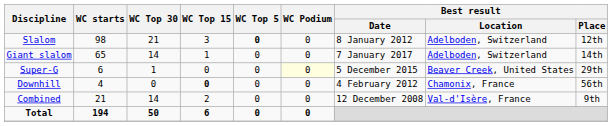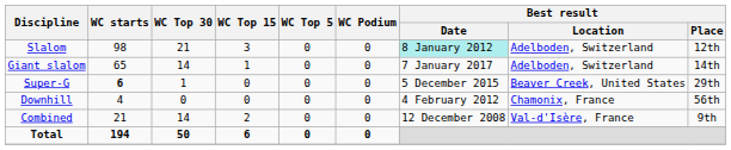 <table class="wikitable" style="text-align:center; font-size:95%;">
 <tr>
 <th rowspan=2>Discipline</th>
 <th rowspan=2>WC starts</th>
 <th rowspan=2>WC Top 30</th>
 <th rowspan=2>WC Top 15</th>
 <th rowspan=2>WC Top 5</th>
 <th rowspan=2>WC Podium</th>
 <th colspan=3>Best result</th>
 </tr>
 <tr>
 <th>Date</th>
 <th>Location</th>
 <th>Place</th>
 </tr>
 <tr>
 <td align=center><a href='#'>Slalom</a></td>
 <td align=center>98</td>
 <td align=center>21</td>
 <td align=center>3</td>
-<td align=center><strong>0</strong></td>
 <td align=center>0</td>
-<td align=left>8 January 2012</td>
+<td align=center>0</td>
+<td align=left style="background: paleturquoise;">8 January 2012</td>
 <td align=left> <a href='#'>Adelboden</a>, Switzerland</td>
 <td>12th</td>
 </tr>
 <tr>
 <td align=center><a href='#'>Giant slalom</a></td>
 <td align=center>65</td>
 <td align=center>14</td>
 <td align=center>1</td>
 <td align=center>0</td>
 <td align=center>0</td>
 <td align=left>7 January 2017</td>
 <td align=left> <a href='#'>Adelboden</a>, Switzerland</td>
 <td>14th</td>
 </tr>
 <tr>
 <td align=center><a href='#'>Super-G</a></td>
-<td align=center>6</td>
+<td align=center><strong>6</strong></td>
 <td align=center>1</td>
 <td align=center>0</td>
 <td align=center>0</td>
-<td align=center style="background: lightyellow;">0</td>
+<td align=center>0</td>
 <td align=left>5 December 2015</td>
 <td align=left> <a href='#'>Beaver Creek</a>, United States</td>
 <td>29th</td>
 </tr>
 <tr>
 <td align=center><a href='#'>Downhill</a></td>
 <td align=center>4</td>
 <td align=center>0</td>
-<td align=center><strong>0</strong></td>
+<td align=center>0</td>
 <td align=center>0</td>
 <td align=center>0</td>
 <td align=left>4 February 2012</td>
 <td align=left> <a href='#'>Chamonix</a>, France</td>
 <td>56th</td>
 </tr>
 <tr>
 <td align=center><a href='#'>Combined</a></td>
 <td align=center>21</td>
 <td align=center>14</td>
 <td align=center>2</td>
 <td align=center>0</td>
 <td align=center>0</td>
 <td align=left>12 December 2008</td>
 <td align=left> <a href='#'>Val-d'Isère</a>, France</td>
 <td>9th</td>
 </tr>
 <tr>
 <td align=center><strong>Total</strong></td>
 <td align=center><strong>194</strong></td>
 <td align=center><strong>50</strong></td>
 <td align=center><strong>6</strong></td>
 <td align=center><strong>0</strong></td>
 <td align=center><strong>0</strong></td>
 <td colspan=3 bgcolor=#DCDCDC></td>
 </tr>
 <tr>
 </tr>
 </table>
